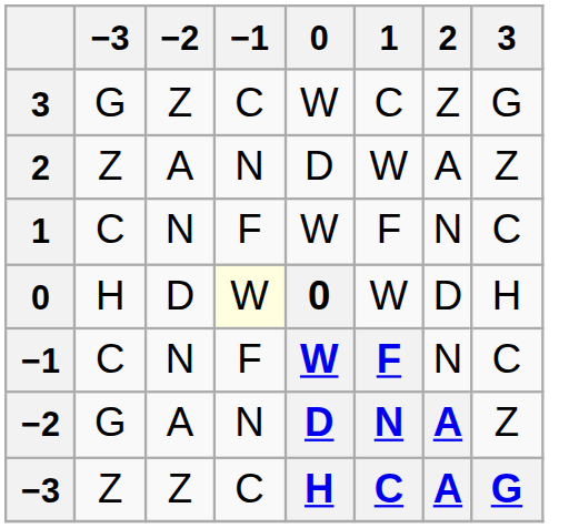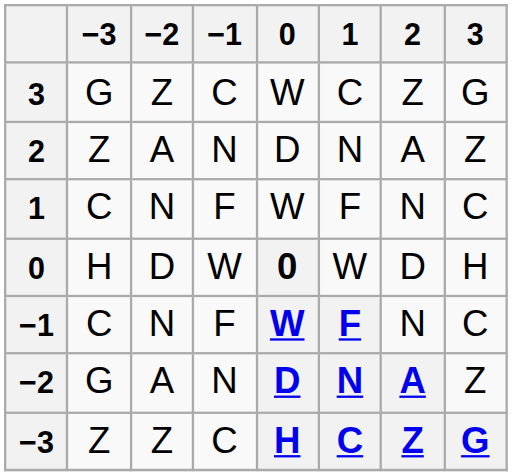 <table class="wikitable" align="center" style="text-align:center">
 <tr>
 <th></th>
 <th><small>−3</small></th>
 <th><small>−2</small></th>
 <th><small>−1</small></th>
 <th><small>0</small></th>
 <th><small>1</small></th>
 <th><small>2</small></th>
 <th><small>3</small></th>
 </tr>
 <tr>
 <th><small>3</small></th>
 <td>G</td>
 <td>Z</td>
 <td>C</td>
 <td>W</td>
 <td>C</td>
 <td>Z</td>
 <td>G</td>
 </tr>
 <tr>
 <th><small>2</small></th>
 <td>Z</td>
 <td>A</td>
 <td>N</td>
 <td>D</td>
-<td>W</td>
+<td>N</td>
 <td>A</td>
 <td>Z</td>
 </tr>
 <tr>
 <th><small>1</small></th>
 <td>C</td>
 <td>N</td>
 <td>F</td>
 <td>W</td>
 <td>F</td>
 <td>N</td>
 <td>C</td>
 </tr>
 <tr>
 <th><small>0</small></th>
 <td>H</td>
 <td>D</td>
-<td style="background: lightyellow;">W</td>
+<td>W</td>
 <th><strong>0</strong></th>
 <td>W</td>
 <td>D</td>
 <td>H</td>
 </tr>
 <tr>
 <th><small>−1</small></th>
 <td>C</td>
 <td>N</td>
 <td>F</td>
 <th><strong><a href='#'>W</a></strong></th>
 <th><strong><a href='#'>F</a></strong></th>
 <td>N</td>
 <td>C</td>
 </tr>
 <tr>
 <th><small>−2</small></th>
 <td width="20">G</td>
 <td>A</td>
 <td>N</td>
 <th><strong><a href='#'>D</a></strong></th>
 <th><strong><a href='#'>N</a></strong></th>
 <th><strong><a href='#'>A</a></strong></th>
 <td>Z</td>
 </tr>
 <tr>
 <th width="20"><small>−3</small></th>
 <td>Z</td>
 <td width="20">Z</td>
 <td width="20">C</td>
 <th width="20"><strong><a href='#'>H</a></strong></th>
 <th width="20"><strong><a href='#'>C</a></strong></th>
-<th><strong><a href='#'>A</a></strong></th>
+<th width="20"><strong><a href='#'>Z</a></strong></th>
 <th width="20"><strong><a href='#'>G</a></strong></th>
 </tr>
 <tr>
 </tr>
 </table>
